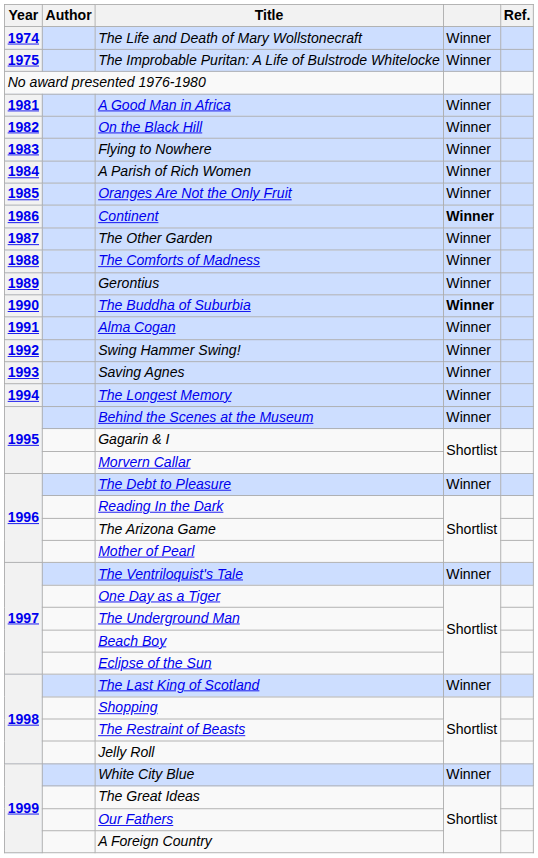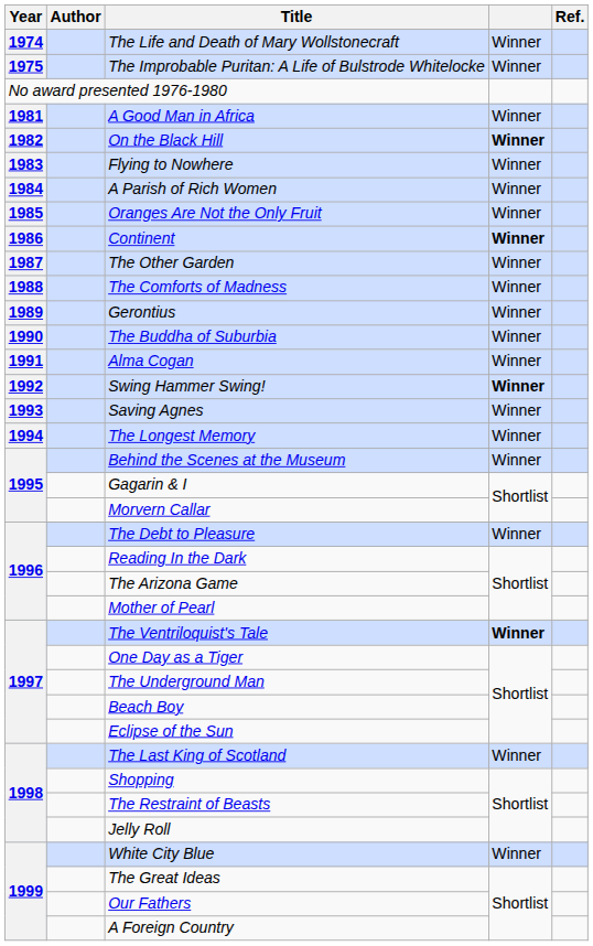 <table class="wikitable sortable">
 <tr>
 <th>Year</th>
 <th>Author</th>
 <th>Title</th>
 <th></th>
 <th>Ref.</th>
 </tr>
 <tr style="background:#cddeff">
 <th><a href='#'>1974</a></th>
 <td></td>
 <td><em>The Life and Death of Mary Wollstonecraft</em></td>
 <td>Winner</td>
 <td></td>
 </tr>
 <tr style="background:#cddeff">
 <th><a href='#'>1975</a></th>
 <td></td>
 <td><em>The Improbable Puritan: A Life of Bulstrode Whitelocke</em></td>
 <td>Winner</td>
 <td></td>
 </tr>
 <tr>
 <td colspan="3"><em>No award presented 1976-1980</em></td>
 <td></td>
 <td></td>
 </tr>
 <tr style="background:#cddeff">
 <th><a href='#'>1981</a></th>
 <td></td>
 <td><em><a href='#'>A Good Man in Africa</a></em></td>
 <td>Winner</td>
 <td></td>
 </tr>
 <tr style="background:#cddeff">
 <th><a href='#'>1982</a></th>
 <td></td>
 <td><em><a href='#'>On the Black Hill</a></em></td>
-<td>Winner</td>
+<td><strong>Winner</strong></td>
 <td></td>
 </tr>
 <tr style="background:#cddeff">
 <th><a href='#'>1983</a></th>
 <td></td>
 <td><em>Flying to Nowhere</em></td>
 <td>Winner</td>
 <td></td>
 </tr>
 <tr style="background:#cddeff">
 <th><a href='#'>1984</a></th>
 <td></td>
 <td><em>A Parish of Rich Women</em></td>
 <td>Winner</td>
 <td></td>
 </tr>
 <tr style="background:#cddeff">
 <th><a href='#'>1985</a></th>
 <td></td>
 <td><em><a href='#'>Oranges Are Not the Only Fruit</a></em></td>
 <td>Winner</td>
 <td></td>
 </tr>
 <tr style="background:#cddeff">
 <th><a href='#'>1986</a></th>
 <td></td>
 <td><em><a href='#'>Continent</a></em></td>
 <td><strong>Winner</strong></td>
 <td></td>
 </tr>
 <tr style="background:#cddeff">
 <th><a href='#'>1987</a></th>
 <td></td>
 <td><em>The Other Garden</em></td>
 <td>Winner</td>
 <td></td>
 </tr>
 <tr style="background:#cddeff">
 <th><a href='#'>1988</a></th>
 <td></td>
 <td><em><a href='#'>The Comforts of Madness</a> </em></td>
 <td>Winner</td>
 <td></td>
 </tr>
 <tr style="background:#cddeff">
 <th><a href='#'>1989</a></th>
 <td></td>
 <td><em>Gerontius</em></td>
 <td>Winner</td>
 <td></td>
 </tr>
 <tr style="background:#cddeff">
 <th><a href='#'>1990</a></th>
 <td></td>
 <td><em><a href='#'>The Buddha of Suburbia</a></em></td>
-<td><strong>Winner</strong></td>
+<td>Winner</td>
 <td></td>
 </tr>
 <tr style="background:#cddeff">
 <th><a href='#'>1991</a></th>
 <td></td>
 <td><em><a href='#'>Alma Cogan</a></em></td>
 <td>Winner</td>
 <td></td>
 </tr>
 <tr style="background:#cddeff">
 <th><a href='#'>1992</a></th>
 <td></td>
 <td><em>Swing Hammer Swing! </em></td>
-<td>Winner</td>
+<td><strong>Winner</strong></td>
 <td></td>
 </tr>
 <tr style="background:#cddeff">
 <th><a href='#'>1993</a></th>
 <td></td>
 <td><em>Saving Agnes</em></td>
 <td>Winner</td>
 <td></td>
 </tr>
 <tr style="background:#cddeff">
 <th><a href='#'>1994</a></th>
 <td></td>
 <td><em><a href='#'>The Longest Memory</a></em></td>
 <td>Winner</td>
 <td></td>
 </tr>
 <tr style="background:#cddeff">
 <th rowspan="3"><a href='#'>1995</a></th>
 <td></td>
 <td><em><a href='#'>Behind the Scenes at the Museum</a>  </em></td>
 <td>Winner</td>
 <td></td>
 </tr>
 <tr>
 <td></td>
 <td><em>Gagarin & I</em></td>
 <td rowspan="2">Shortlist</td>
 <td></td>
 </tr>
 <tr>
 <td></td>
 <td><em><a href='#'>Morvern Callar</a></em></td>
 <td></td>
 </tr>
 <tr style="background:#cddeff">
 <th rowspan="4"><a href='#'>1996</a></th>
 <td></td>
 <td><em><a href='#'>The Debt to Pleasure</a></em></td>
 <td>Winner</td>
 <td></td>
 </tr>
 <tr>
 <td></td>
 <td><em><a href='#'>Reading In the Dark</a></em></td>
 <td rowspan="3">Shortlist</td>
 <td></td>
 </tr>
 <tr>
 <td></td>
 <td><em>The Arizona Game</em></td>
 <td></td>
 </tr>
 <tr>
 <td></td>
 <td><em><a href='#'>Mother of Pearl</a></em></td>
 <td></td>
 </tr>
 <tr style="background:#cddeff">
 <th rowspan="5"><a href='#'>1997</a></th>
 <td></td>
 <td><em><a href='#'>The Ventriloquist's Tale</a></em></td>
-<td>Winner</td>
+<td><strong>Winner</strong></td>
 <td></td>
 </tr>
 <tr>
 <td></td>
 <td><em><a href='#'>One Day as a Tiger</a></em></td>
 <td rowspan="4">Shortlist</td>
 <td></td>
 </tr>
 <tr>
 <td></td>
 <td><em><a href='#'>The Underground Man</a></em></td>
 <td></td>
 </tr>
 <tr>
 <td></td>
 <td><em><a href='#'>Beach Boy</a></em></td>
 <td></td>
 </tr>
 <tr>
 <td></td>
 <td><em><a href='#'>Eclipse of the Sun</a></em></td>
 <td></td>
 </tr>
 <tr style="background:#cddeff">
 <th rowspan="4"><a href='#'>1998</a></th>
 <td></td>
 <td><em><a href='#'>The Last King of Scotland</a></em></td>
 <td>Winner</td>
 <td></td>
 </tr>
 <tr>
 <td></td>
 <td><em><a href='#'>Shopping</a></em></td>
 <td rowspan="3">Shortlist</td>
 <td></td>
 </tr>
 <tr>
 <td></td>
 <td><em><a href='#'>The Restraint of Beasts</a></em></td>
 <td></td>
 </tr>
 <tr>
 <td></td>
 <td><em>Jelly Roll</em></td>
 <td></td>
 </tr>
 <tr style="background:#cddeff">
 <th rowspan="4"><a href='#'>1999</a></th>
 <td></td>
 <td><em>White City Blue</em></td>
 <td>Winner</td>
 <td></td>
 </tr>
 <tr>
 <td></td>
 <td><em>The Great Ideas</em></td>
 <td rowspan="3">Shortlist</td>
 <td></td>
 </tr>
 <tr>
 <td></td>
 <td><em><a href='#'>Our Fathers</a></em></td>
 <td></td>
 </tr>
 <tr>
 <td></td>
 <td><em>A Foreign Country</em></td>
 <td></td>
 </tr>
 </table>
